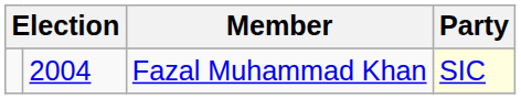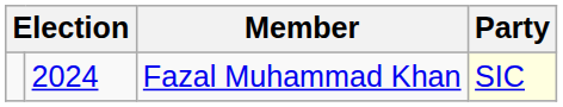 <table class="wikitable">
 <tr>
 <th colspan="2">Election</th>
 <th>Member</th>
 <th>Party</th>
 </tr>
 <tr>
 <td style="background-color: "></td>
-<td><a href='#'>2004</a></td>
+<td><a href='#'>2024</a></td>
 <td><a href='#'>Fazal Muhammad Khan</a></td>
 <td style="background: lightyellow;"><a href='#'>SIC</a></td>
 </tr>
 </table>
